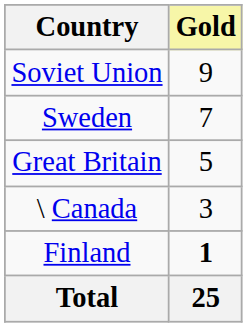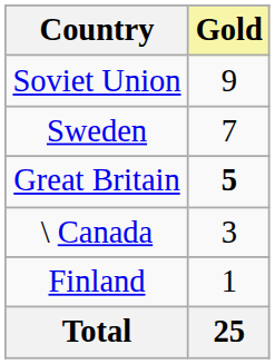 <table class="wikitable sortable">
 <tr>
 <th>Country</th>
 <th style="background-color: #F7F6A8;">Gold</th>
 </tr>
 <tr align=center>
 <td> <a href='#'>Soviet Union</a></td>
 <td>9</td>
 </tr>
 <tr align=center>
 <td> <a href='#'>Sweden</a></td>
 <td>7</td>
 </tr>
 <tr align=center>
 <td> <a href='#'>Great Britain</a></td>
-<td>5</td>
+<td><strong>5</strong></td>
 </tr>
 <tr align=center>
 <td> \  <a href='#'>Canada</a></td>
 <td>3</td>
 </tr>
 <tr align=center>
 <td> <a href='#'>Finland</a></td>
-<td><strong>1</strong></td>
+<td>1</td>
 </tr>
 <tr>
 <th>Total</th>
 <th>25</th>
 </tr>
 </table>
